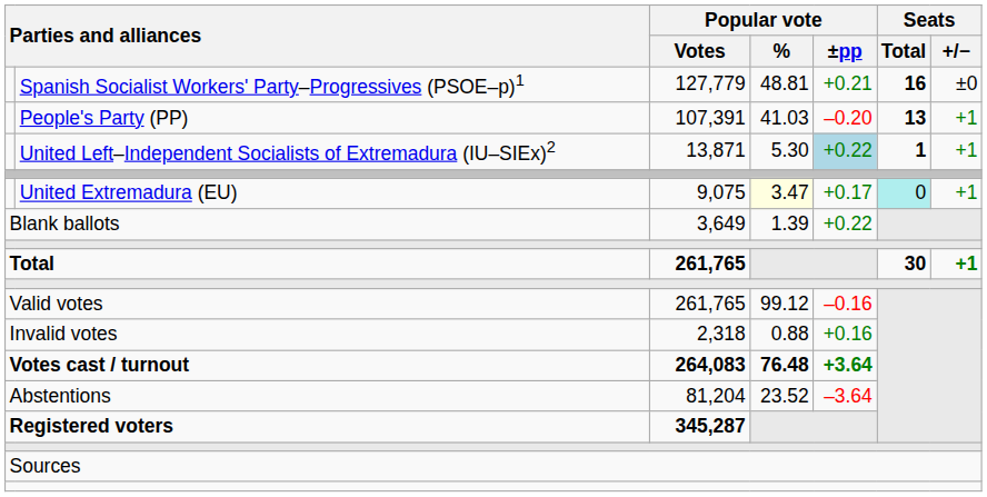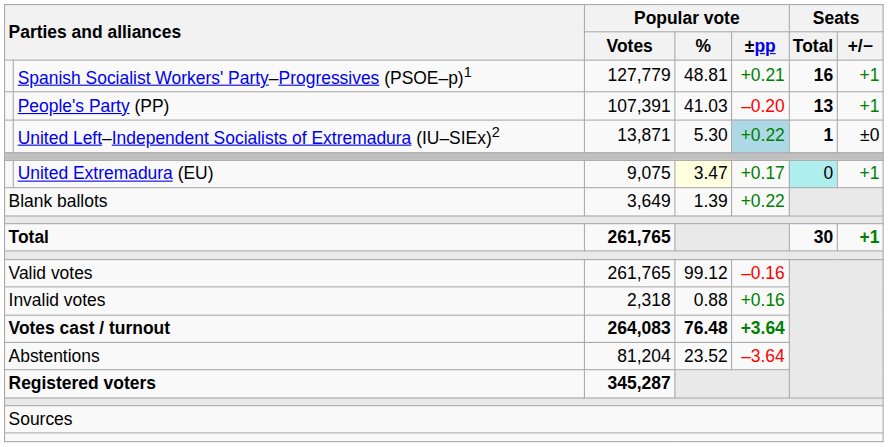 <table class="wikitable" style="text-align:right;">
 <tr>
 <th style="text-align:left;" rowspan="2" colspan="2" width="525">Parties and alliances</th>
 <th colspan="3">Popular vote</th>
 <th colspan="2">Seats</th>
 </tr>
 <tr>
 <th width="75">Votes</th>
 <th width="45">%</th>
 <th width="45">±<a href='#'>pp</a></th>
 <th width="35">Total</th>
 <th width="35">+/−</th>
 </tr>
 <tr>
 <td width="1" style="color:inherit;background:"></td>
 <td align="left"><a href='#'>Spanish Socialist Workers' Party</a>–<a href='#'>Progressives</a> (PSOE–p)<sup>1</sup></td>
 <td>127,779</td>
 <td>48.81</td>
 <td style="color:green;">+0.21</td>
 <td><strong>16</strong></td>
-<td>±0</td>
+<td style="color:green;">+1</td>
 </tr>
 <tr>
 <td style="color:inherit;background:"></td>
 <td align="left"><a href='#'>People's Party</a> (PP)</td>
 <td>107,391</td>
 <td>41.03</td>
 <td style="color:red;">–0.20</td>
 <td><strong>13</strong></td>
 <td style="color:green;">+1</td>
 </tr>
 <tr>
 <td style="color:inherit;background:"></td>
 <td align="left"><a href='#'>United Left</a>–<a href='#'>Independent Socialists of Extremadura</a> (IU–SIEx)<sup>2</sup></td>
 <td>13,871</td>
 <td>5.30</td>
 <td style="background: lightblue; color:green;">+0.22</td>
 <td><strong>1</strong></td>
-<td style="color:green;">+1</td>
+<td>±0</td>
 </tr>
 <tr>
 <td colspan="7" bgcolor="#C0C0C0"></td>
 </tr>
 <tr>
 <td style="color:inherit;background:"></td>
 <td align="left"><a href='#'>United Extremadura</a> (EU)</td>
 <td>9,075</td>
 <td style="background: lightyellow;">3.47</td>
 <td style="color:green;">+0.17</td>
 <td style="background: paleturquoise;">0</td>
 <td style="color:green;">+1</td>
 </tr>
 <tr>
 <td align="left" colspan="2">Blank ballots</td>
 <td>3,649</td>
 <td>1.39</td>
 <td style="color:green;">+0.22</td>
 <td bgcolor="#E9E9E9" colspan="2"></td>
 </tr>
 <tr>
 <td colspan="7" bgcolor="#E9E9E9"></td>
 </tr>
 <tr style="font-weight:bold;">
 <td align="left" colspan="2">Total</td>
 <td>261,765</td>
 <td bgcolor="#E9E9E9" colspan="2"></td>
 <td>30</td>
 <td style="color:green;">+1</td>
 </tr>
 <tr>
 <td colspan="7" bgcolor="#E9E9E9"></td>
 </tr>
 <tr>
 <td align="left" colspan="2">Valid votes</td>
 <td>261,765</td>
 <td>99.12</td>
 <td style="color:red;">–0.16</td>
 <td bgcolor="#E9E9E9" colspan="2" rowspan="5"></td>
 </tr>
 <tr>
 <td align="left" colspan="2">Invalid votes</td>
 <td>2,318</td>
 <td>0.88</td>
 <td style="color:green;">+0.16</td>
 </tr>
 <tr style="font-weight:bold;">
 <td align="left" colspan="2">Votes cast / turnout</td>
 <td>264,083</td>
 <td>76.48</td>
 <td style="color:green;">+3.64</td>
 </tr>
 <tr>
 <td align="left" colspan="2">Abstentions</td>
 <td>81,204</td>
 <td>23.52</td>
 <td style="color:red;">–3.64</td>
 </tr>
 <tr style="font-weight:bold;">
 <td align="left" colspan="2">Registered voters</td>
 <td>345,287</td>
 <td bgcolor="#E9E9E9" colspan="2"></td>
 </tr>
 <tr>
 <td colspan="7" bgcolor="#E9E9E9"></td>
 </tr>
 <tr>
 <td align="left" colspan="7">Sources</td>
 </tr>
 <tr>
 <td colspan="7" style="text-align:left; max-width:790px;"></td>
 </tr>
 </table>
